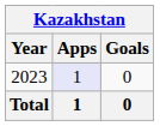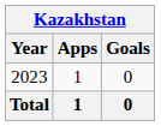 <table class="wikitable" style="text-align:center">
 <tr>
 <th colspan=5><a href='#'>Kazakhstan</a></th>
 </tr>
 <tr>
 <th>Year</th>
 <th>Apps</th>
 <th>Goals</th>
 </tr>
 <tr>
 <td>2023</td>
-<td style="background: lavender;">1</td>
+<td>1</td>
 <td>0</td>
 </tr>
 <tr>
 <th>Total</th>
 <th>1</th>
 <th>0</th>
 </tr>
 </table>
